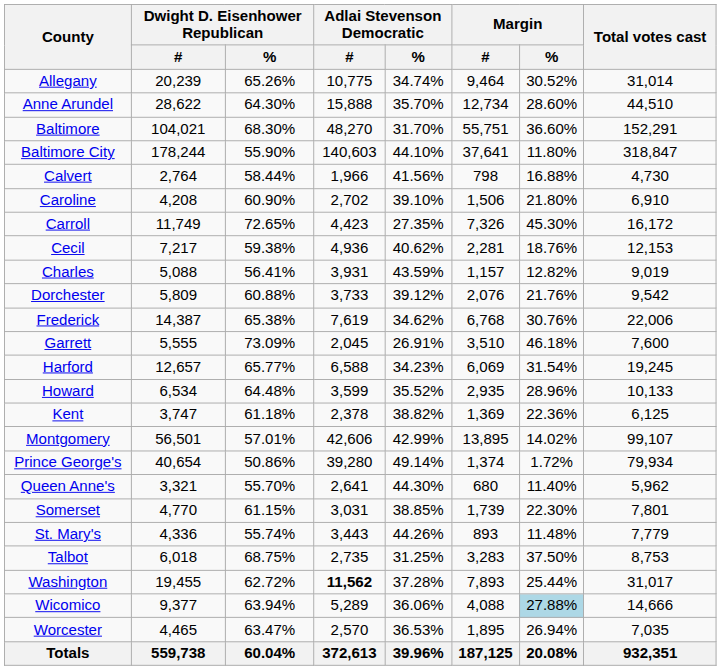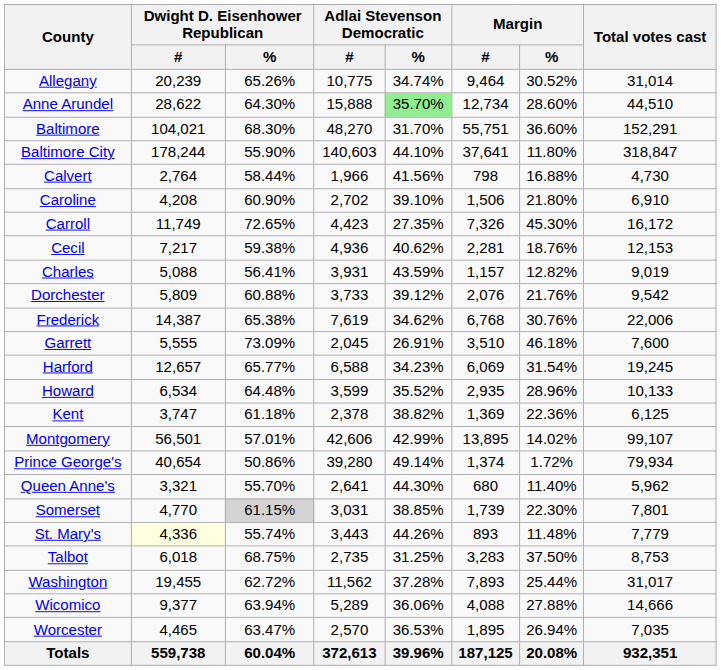 <table width="60%"  class="wikitable sortable" style="text-align:center">
 <tr>
 <th style="text-align:center;" rowspan="2">County</th>
 <th style="text-align:center;" colspan="2">Dwight D. Eisenhower<br>Republican</th>
 <th style="text-align:center;" colspan="2">Adlai Stevenson<br>Democratic</th>
 <th style="text-align:center;" colspan="2">Margin</th>
 <th style="text-align:center;" rowspan="2">Total votes cast</th>
 </tr>
 <tr>
 <th style="text-align:center;" data-sort-type="number">#</th>
 <th style="text-align:center;" data-sort-type="number">%</th>
 <th style="text-align:center;" data-sort-type="number">#</th>
 <th style="text-align:center;" data-sort-type="number">%</th>
 <th style="text-align:center;" data-sort-type="number">#</th>
 <th style="text-align:center;" data-sort-type="number">%</th>
 </tr>
 <tr style="text-align:center;">
 <td><a href='#'>Allegany</a></td>
 <td>20,239</td>
 <td>65.26%</td>
 <td>10,775</td>
 <td>34.74%</td>
 <td>9,464</td>
 <td>30.52%</td>
 <td>31,014</td>
 </tr>
 <tr style="text-align:center;">
 <td><a href='#'>Anne Arundel</a></td>
 <td>28,622</td>
 <td>64.30%</td>
 <td>15,888</td>
-<td>35.70%</td>
+<td style="background: lightgreen;">35.70%</td>
 <td>12,734</td>
 <td>28.60%</td>
 <td>44,510</td>
 </tr>
 <tr style="text-align:center;">
 <td><a href='#'>Baltimore</a></td>
 <td>104,021</td>
 <td>68.30%</td>
 <td>48,270</td>
 <td>31.70%</td>
 <td>55,751</td>
 <td>36.60%</td>
 <td>152,291</td>
 </tr>
 <tr style="text-align:center;">
 <td><a href='#'>Baltimore City</a></td>
 <td>178,244</td>
 <td>55.90%</td>
 <td>140,603</td>
 <td>44.10%</td>
 <td>37,641</td>
 <td>11.80%</td>
 <td>318,847</td>
 </tr>
 <tr style="text-align:center;">
 <td><a href='#'>Calvert</a></td>
 <td>2,764</td>
 <td>58.44%</td>
 <td>1,966</td>
 <td>41.56%</td>
 <td>798</td>
 <td>16.88%</td>
 <td>4,730</td>
 </tr>
 <tr style="text-align:center;">
 <td><a href='#'>Caroline</a></td>
 <td>4,208</td>
 <td>60.90%</td>
 <td>2,702</td>
 <td>39.10%</td>
 <td>1,506</td>
 <td>21.80%</td>
 <td>6,910</td>
 </tr>
 <tr style="text-align:center;">
 <td><a href='#'>Carroll</a></td>
 <td>11,749</td>
 <td>72.65%</td>
 <td>4,423</td>
 <td>27.35%</td>
 <td>7,326</td>
 <td>45.30%</td>
 <td>16,172</td>
 </tr>
 <tr style="text-align:center;">
 <td><a href='#'>Cecil</a></td>
 <td>7,217</td>
 <td>59.38%</td>
 <td>4,936</td>
 <td>40.62%</td>
 <td>2,281</td>
 <td>18.76%</td>
 <td>12,153</td>
 </tr>
 <tr style="text-align:center;">
 <td><a href='#'>Charles</a></td>
 <td>5,088</td>
 <td>56.41%</td>
 <td>3,931</td>
 <td>43.59%</td>
 <td>1,157</td>
 <td>12.82%</td>
 <td>9,019</td>
 </tr>
 <tr style="text-align:center;">
 <td><a href='#'>Dorchester</a></td>
 <td>5,809</td>
 <td>60.88%</td>
 <td>3,733</td>
 <td>39.12%</td>
 <td>2,076</td>
 <td>21.76%</td>
 <td>9,542</td>
 </tr>
 <tr style="text-align:center;">
 <td><a href='#'>Frederick</a></td>
 <td>14,387</td>
 <td>65.38%</td>
 <td>7,619</td>
 <td>34.62%</td>
 <td>6,768</td>
 <td>30.76%</td>
 <td>22,006</td>
 </tr>
 <tr style="text-align:center;">
 <td><a href='#'>Garrett</a></td>
 <td>5,555</td>
 <td>73.09%</td>
 <td>2,045</td>
 <td>26.91%</td>
 <td>3,510</td>
 <td>46.18%</td>
 <td>7,600</td>
 </tr>
 <tr style="text-align:center;">
 <td><a href='#'>Harford</a></td>
 <td>12,657</td>
 <td>65.77%</td>
 <td>6,588</td>
 <td>34.23%</td>
 <td>6,069</td>
 <td>31.54%</td>
 <td>19,245</td>
 </tr>
 <tr style="text-align:center;">
 <td><a href='#'>Howard</a></td>
 <td>6,534</td>
 <td>64.48%</td>
 <td>3,599</td>
 <td>35.52%</td>
 <td>2,935</td>
 <td>28.96%</td>
 <td>10,133</td>
 </tr>
 <tr style="text-align:center;">
 <td><a href='#'>Kent</a></td>
 <td>3,747</td>
 <td>61.18%</td>
 <td>2,378</td>
 <td>38.82%</td>
 <td>1,369</td>
 <td>22.36%</td>
 <td>6,125</td>
 </tr>
 <tr style="text-align:center;">
 <td><a href='#'>Montgomery</a></td>
 <td>56,501</td>
 <td>57.01%</td>
 <td>42,606</td>
 <td>42.99%</td>
 <td>13,895</td>
 <td>14.02%</td>
 <td>99,107</td>
 </tr>
 <tr style="text-align:center;">
 <td><a href='#'>Prince George's</a></td>
 <td>40,654</td>
 <td>50.86%</td>
 <td>39,280</td>
 <td>49.14%</td>
 <td>1,374</td>
 <td>1.72%</td>
 <td>79,934</td>
 </tr>
 <tr style="text-align:center;">
 <td><a href='#'>Queen Anne's</a></td>
 <td>3,321</td>
 <td>55.70%</td>
 <td>2,641</td>
 <td>44.30%</td>
 <td>680</td>
 <td>11.40%</td>
 <td>5,962</td>
 </tr>
 <tr style="text-align:center;">
 <td><a href='#'>Somerset</a></td>
 <td>4,770</td>
-<td>61.15%</td>
+<td style="background: lightgrey;">61.15%</td>
 <td>3,031</td>
 <td>38.85%</td>
 <td>1,739</td>
 <td>22.30%</td>
 <td>7,801</td>
 </tr>
 <tr style="text-align:center;">
 <td><a href='#'>St. Mary's</a></td>
-<td>4,336</td>
+<td style="background: lightyellow;">4,336</td>
 <td>55.74%</td>
 <td>3,443</td>
 <td>44.26%</td>
 <td>893</td>
 <td>11.48%</td>
 <td>7,779</td>
 </tr>
 <tr style="text-align:center;">
 <td><a href='#'>Talbot</a></td>
 <td>6,018</td>
 <td>68.75%</td>
 <td>2,735</td>
 <td>31.25%</td>
 <td>3,283</td>
 <td>37.50%</td>
 <td>8,753</td>
 </tr>
 <tr style="text-align:center;">
 <td><a href='#'>Washington</a></td>
 <td>19,455</td>
 <td>62.72%</td>
-<td><strong>11,562</strong></td>
+<td>11,562</td>
 <td>37.28%</td>
 <td>7,893</td>
 <td>25.44%</td>
 <td>31,017</td>
 </tr>
 <tr style="text-align:center;">
 <td><a href='#'>Wicomico</a></td>
 <td>9,377</td>
 <td>63.94%</td>
 <td>5,289</td>
 <td>36.06%</td>
 <td>4,088</td>
-<td style="background: lightblue;">27.88%</td>
+<td>27.88%</td>
 <td>14,666</td>
 </tr>
 <tr style="text-align:center;">
 <td><a href='#'>Worcester</a></td>
 <td>4,465</td>
 <td>63.47%</td>
 <td>2,570</td>
 <td>36.53%</td>
 <td>1,895</td>
 <td>26.94%</td>
 <td>7,035</td>
 </tr>
 <tr style="text-align:center;">
 <th>Totals</th>
 <th>559,738</th>
 <th>60.04%</th>
 <th>372,613</th>
 <th>39.96%</th>
 <th>187,125</th>
 <th>20.08%</th>
 <th>932,351</th>
 </tr>
 </table>
